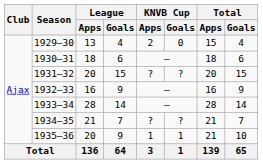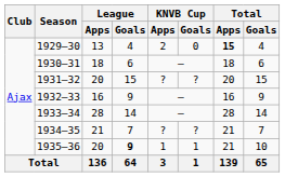 <table class="wikitable" style="text-align:center">
 <tr>
 <th rowspan="2">Club</th>
 <th rowspan="2">Season</th>
 <th colspan="2">League</th>
 <th colspan="2">KNVB Cup</th>
 <th colspan="2">Total</th>
 </tr>
 <tr>
 <th>Apps</th>
 <th>Goals</th>
 <th>Apps</th>
 <th>Goals</th>
 <th>Apps</th>
 <th>Goals</th>
 </tr>
 <tr>
 <td rowspan="7"><a href='#'>Ajax</a></td>
 <td>1929–30</td>
 <td>13</td>
 <td>4</td>
 <td>2</td>
 <td>0</td>
-<td>15</td>
+<td><strong>15</strong></td>
 <td>4</td>
 </tr>
 <tr>
 <td>1930–31</td>
 <td>18</td>
 <td>6</td>
 <td colspan="2">—</td>
 <td>18</td>
 <td>6</td>
 </tr>
 <tr>
 <td>1931–32</td>
 <td>20</td>
 <td>15</td>
 <td>?</td>
 <td>?</td>
 <td>20</td>
 <td>15</td>
 </tr>
 <tr>
 <td>1932–33</td>
 <td>16</td>
 <td>9</td>
 <td colspan="2">—</td>
 <td>16</td>
 <td>9</td>
 </tr>
 <tr>
 <td>1933–34</td>
 <td>28</td>
 <td>14</td>
 <td colspan="2">—</td>
 <td>28</td>
 <td>14</td>
 </tr>
 <tr>
 <td>1934–35</td>
 <td>21</td>
 <td>7</td>
 <td>?</td>
 <td>?</td>
 <td>21</td>
 <td>7</td>
 </tr>
 <tr>
 <td>1935–36</td>
 <td>20</td>
-<td>9</td>
+<td><strong>9</strong></td>
 <td>1</td>
 <td>1</td>
 <td>21</td>
 <td>10</td>
 </tr>
 <tr>
 <th colspan="2">Total</th>
 <th>136</th>
 <th>64</th>
 <th>3</th>
 <th>1</th>
 <th>139</th>
 <th>65</th>
 </tr>
 </table>
